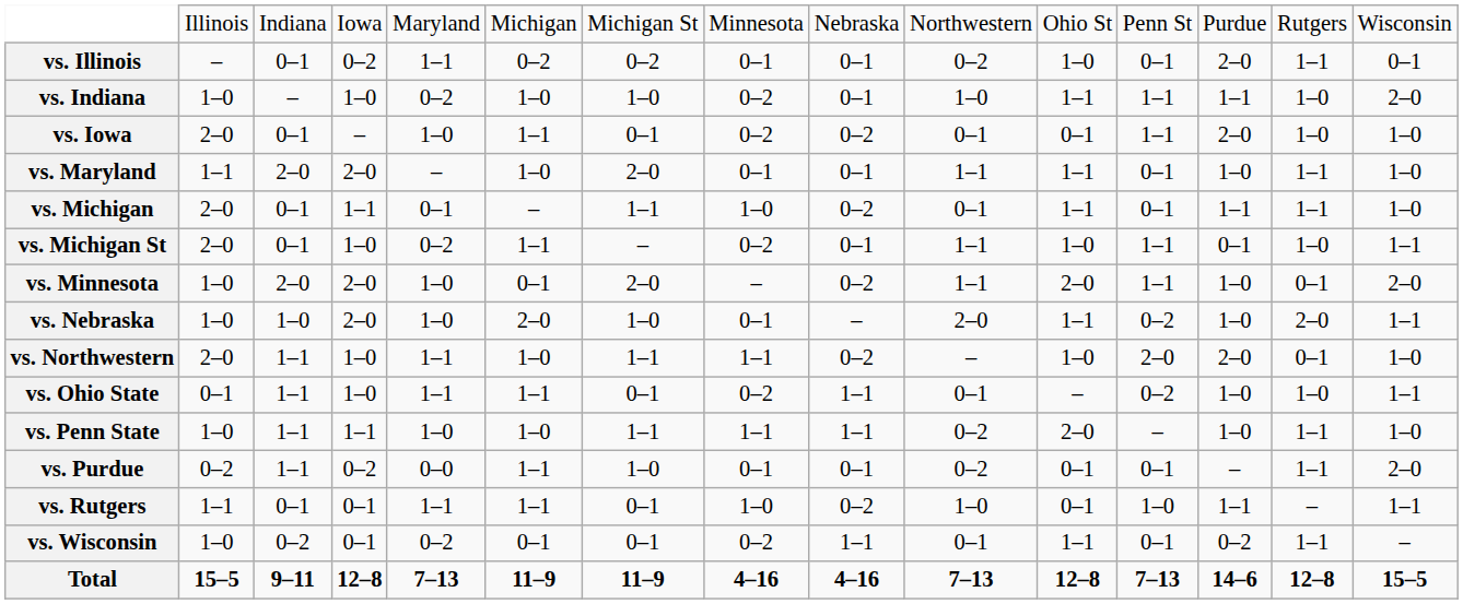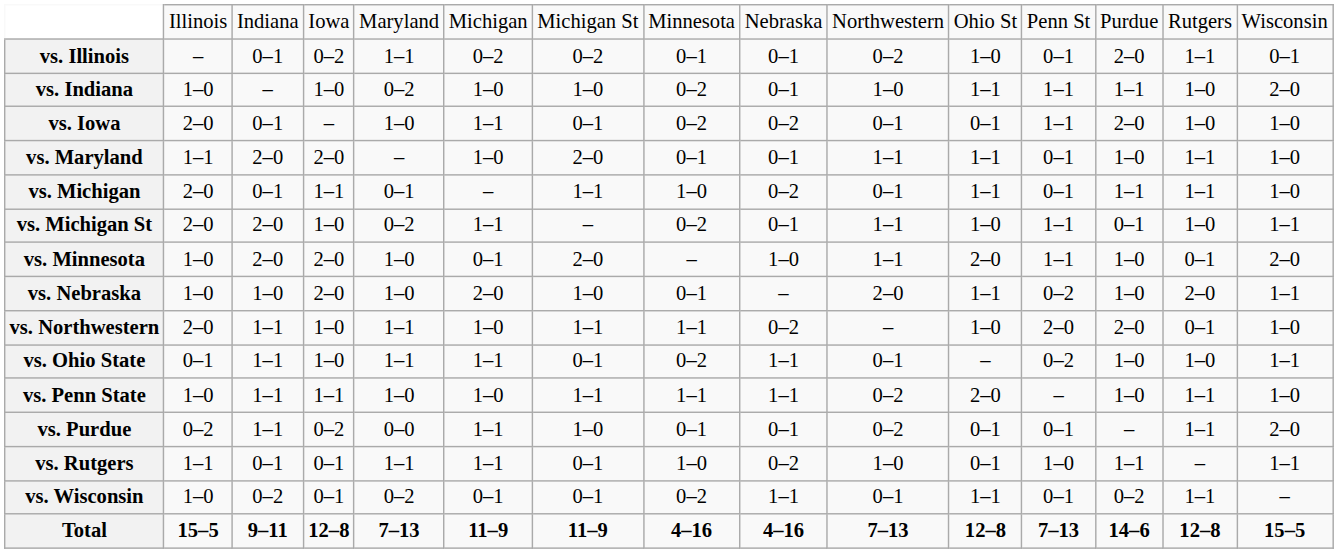 <table class="wikitable" style="white-space:nowrap; font-size:90%; text-align:center;">
 <tr>
 <td style="background:white; border-top-style:hidden; border-left-style:hidden;"></td>
 <td align="center" style="background:#">Illinois</td>
 <td align="center" style=>Indiana</td>
 <td align="center" style=>Iowa</td>
 <td align="center" style=>Maryland</td>
 <td align="center" style=>Michigan</td>
 <td align="center" style=>Michigan St</td>
 <td align="center" style=>Minnesota</td>
 <td align="center" style=>Nebraska</td>
 <td align="center" style=>Northwestern</td>
 <td align="center" style=>Ohio St</td>
 <td align="center" style=>Penn St</td>
 <td align="center" style=>Purdue</td>
 <td align="center" style=>Rutgers</td>
 <td align="center" style=>Wisconsin</td>
 </tr>
 <tr>
 <th>vs. Illinois</th>
 <td>–</td>
 <td>0–1</td>
 <td>0–2</td>
 <td>1–1</td>
 <td>0–2</td>
 <td>0–2</td>
 <td>0–1</td>
 <td>0–1</td>
 <td>0–2</td>
 <td>1–0</td>
 <td>0–1</td>
 <td>2–0</td>
 <td>1–1</td>
 <td>0–1</td>
 </tr>
 <tr>
 <th>vs. Indiana</th>
 <td>1–0</td>
 <td>–</td>
 <td>1–0</td>
 <td>0–2</td>
 <td>1–0</td>
 <td>1–0</td>
 <td>0–2</td>
 <td>0–1</td>
 <td>1–0</td>
 <td>1–1</td>
 <td>1–1</td>
 <td>1–1</td>
 <td>1–0</td>
 <td>2–0</td>
 </tr>
 <tr>
 <th>vs. Iowa</th>
 <td>2–0</td>
 <td>0–1</td>
 <td>–</td>
 <td>1–0</td>
 <td>1–1</td>
 <td>0–1</td>
 <td>0–2</td>
 <td>0–2</td>
 <td>0–1</td>
 <td>0–1</td>
 <td>1–1</td>
 <td>2–0</td>
 <td>1–0</td>
 <td>1–0</td>
 </tr>
 <tr>
 <th>vs. Maryland</th>
 <td>1–1</td>
 <td>2–0</td>
 <td>2–0</td>
 <td>–</td>
 <td>1–0</td>
 <td>2–0</td>
 <td>0–1</td>
 <td>0–1</td>
 <td>1–1</td>
 <td>1–1</td>
 <td>0–1</td>
 <td>1–0</td>
 <td>1–1</td>
 <td>1–0</td>
 </tr>
 <tr>
 <th>vs. Michigan</th>
 <td>2–0</td>
 <td>0–1</td>
 <td>1–1</td>
 <td>0–1</td>
 <td>–</td>
 <td>1–1</td>
 <td>1–0</td>
 <td>0–2</td>
 <td>0–1</td>
 <td>1–1</td>
 <td>0–1</td>
 <td>1–1</td>
 <td>1–1</td>
 <td>1–0</td>
 </tr>
 <tr>
 <th>vs. Michigan St</th>
 <td>2–0</td>
-<td>0–1</td>
+<td>2–0</td>
 <td>1–0</td>
 <td>0–2</td>
 <td>1–1</td>
 <td>–</td>
 <td>0–2</td>
 <td>0–1</td>
 <td>1–1</td>
 <td>1–0</td>
 <td>1–1</td>
 <td>0–1</td>
 <td>1–0</td>
 <td>1–1</td>
 </tr>
 <tr>
 <th>vs. Minnesota</th>
 <td>1–0</td>
 <td>2–0</td>
 <td>2–0</td>
 <td>1–0</td>
 <td>0–1</td>
 <td>2–0</td>
 <td>–</td>
-<td>0–2</td>
+<td>1–0</td>
 <td>1–1</td>
 <td>2–0</td>
 <td>1–1</td>
 <td>1–0</td>
 <td>0–1</td>
 <td>2–0</td>
 </tr>
 <tr>
 <th>vs. Nebraska</th>
 <td>1–0</td>
 <td>1–0</td>
 <td>2–0</td>
 <td>1–0</td>
 <td>2–0</td>
 <td>1–0</td>
 <td>0–1</td>
 <td>–</td>
 <td>2–0</td>
 <td>1–1</td>
 <td>0–2</td>
 <td>1–0</td>
 <td>2–0</td>
 <td>1–1</td>
 </tr>
 <tr>
 <th>vs. Northwestern</th>
 <td>2–0</td>
 <td>1–1</td>
 <td>1–0</td>
 <td>1–1</td>
 <td>1–0</td>
 <td>1–1</td>
 <td>1–1</td>
 <td>0–2</td>
 <td>–</td>
 <td>1–0</td>
 <td>2–0</td>
 <td>2–0</td>
 <td>0–1</td>
 <td>1–0</td>
 </tr>
 <tr>
 <th>vs. Ohio State</th>
 <td>0–1</td>
 <td>1–1</td>
 <td>1–0</td>
 <td>1–1</td>
 <td>1–1</td>
 <td>0–1</td>
 <td>0–2</td>
 <td>1–1</td>
 <td>0–1</td>
 <td>–</td>
 <td>0–2</td>
 <td>1–0</td>
 <td>1–0</td>
 <td>1–1</td>
 </tr>
 <tr>
 <th>vs. Penn State</th>
 <td>1–0</td>
 <td>1–1</td>
 <td>1–1</td>
 <td>1–0</td>
 <td>1–0</td>
 <td>1–1</td>
 <td>1–1</td>
 <td>1–1</td>
 <td>0–2</td>
 <td>2–0</td>
 <td>–</td>
 <td>1–0</td>
 <td>1–1</td>
 <td>1–0</td>
 </tr>
 <tr>
 <th>vs. Purdue</th>
 <td>0–2</td>
 <td>1–1</td>
 <td>0–2</td>
 <td>0–0</td>
 <td>1–1</td>
 <td>1–0</td>
 <td>0–1</td>
 <td>0–1</td>
 <td>0–2</td>
 <td>0–1</td>
 <td>0–1</td>
 <td>–</td>
 <td>1–1</td>
 <td>2–0</td>
 </tr>
 <tr>
 <th>vs. Rutgers</th>
 <td>1–1</td>
 <td>0–1</td>
 <td>0–1</td>
 <td>1–1</td>
 <td>1–1</td>
 <td>0–1</td>
 <td>1–0</td>
 <td>0–2</td>
 <td>1–0</td>
 <td>0–1</td>
 <td>1–0</td>
 <td>1–1</td>
 <td>–</td>
 <td>1–1</td>
 </tr>
 <tr>
 <th>vs. Wisconsin</th>
 <td>1–0</td>
 <td>0–2</td>
 <td>0–1</td>
 <td>0–2</td>
 <td>0–1</td>
 <td>0–1</td>
 <td>0–2</td>
 <td>1–1</td>
 <td>0–1</td>
 <td>1–1</td>
 <td>0–1</td>
 <td>0–2</td>
 <td>1–1</td>
 <td>–</td>
 </tr>
 <tr>
 <th>Total</th>
 <td><strong>15–5</strong></td>
 <td><strong>9–11</strong></td>
 <td><strong>12–8</strong></td>
 <td><strong>7–13</strong></td>
 <td><strong>11–9</strong></td>
 <td><strong>11–9</strong></td>
 <td><strong>4–16</strong></td>
 <td><strong>4–16</strong></td>
 <td><strong>7–13</strong></td>
 <td><strong>12–8</strong></td>
 <td><strong>7–13</strong></td>
 <td><strong>14–6</strong></td>
 <td><strong>12–8</strong></td>
 <td><strong>15–5</strong></td>
 </tr>
 </table>
